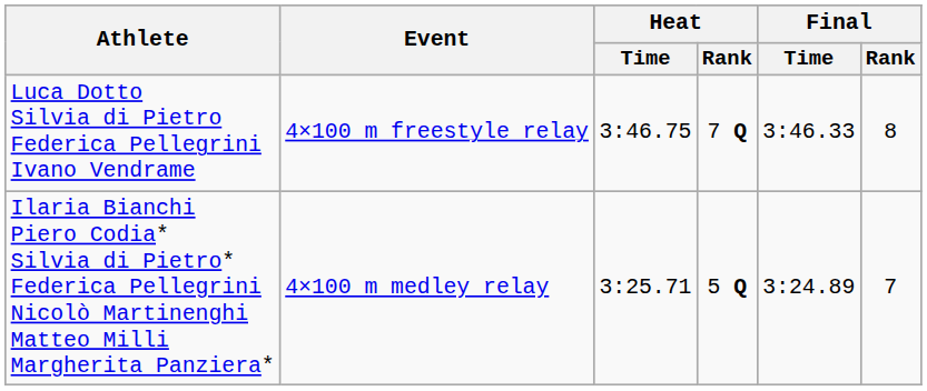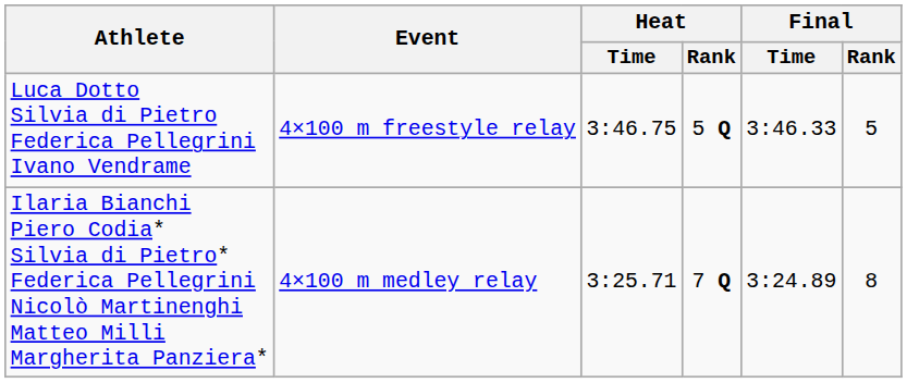 <table class=wikitable style="font-size:90%">
 <tr>
 <th rowspan="2">Athlete</th>
 <th rowspan="2">Event</th>
 <th colspan="2">Heat</th>
 <th colspan="2">Final</th>
 </tr>
 <tr style="font-size:95%">
 <th>Time</th>
 <th>Rank</th>
 <th>Time</th>
 <th>Rank</th>
 </tr>
 <tr align=center>
 <td align=left><a href='#'>Luca Dotto</a><br><a href='#'>Silvia di Pietro</a><br><a href='#'>Federica Pellegrini</a><br><a href='#'>Ivano Vendrame</a></td>
 <td align=left><a href='#'>4×100 m freestyle relay</a></td>
 <td>3:46.75</td>
-<td>7 <strong>Q</strong></td>
+<td>5 <strong>Q</strong></td>
 <td>3:46.33</td>
-<td>8</td>
+<td>5</td>
 </tr>
 <tr align=center>
 <td align=left><a href='#'>Ilaria Bianchi</a><br><a href='#'>Piero Codia</a>*<br><a href='#'>Silvia di Pietro</a>*<br><a href='#'>Federica Pellegrini</a><br><a href='#'>Nicolò Martinenghi</a><br><a href='#'>Matteo Milli</a><br><a href='#'>Margherita Panziera</a>*</td>
 <td align=left><a href='#'>4×100 m medley relay</a></td>
 <td>3:25.71</td>
-<td>5 <strong>Q</strong></td>
+<td>7 <strong>Q</strong></td>
 <td>3:24.89</td>
-<td>7</td>
+<td>8</td>
 </tr>
 </table>
